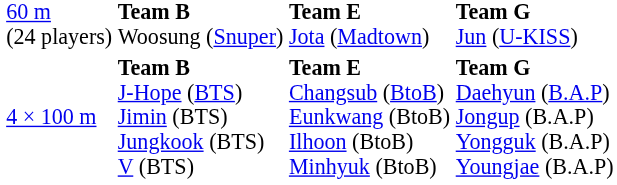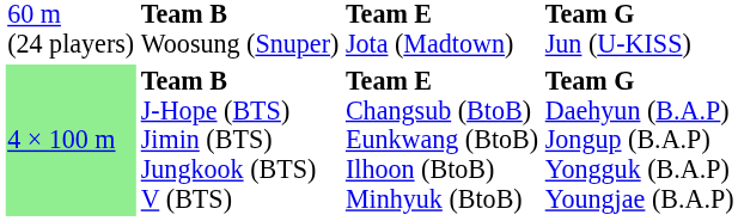 <table>
 <tr>
 <td><a href='#'>60 m</a><br>(24 players)</td>
 <td><strong>Team B</strong><br>Woosung (<a href='#'>Snuper</a>)</td>
 <td><strong>Team E</strong><br><a href='#'>Jota</a> (<a href='#'>Madtown</a>)</td>
 <td><strong>Team G</strong><br><a href='#'>Jun</a> (<a href='#'>U-KISS</a>)</td>
 </tr>
 <tr>
-<td><a href='#'>4 × 100 m</a></td>
+<td style="background: lightgreen;"><a href='#'>4 × 100 m</a></td>
 <td><strong>Team B</strong><br><a href='#'>J-Hope</a> (<a href='#'>BTS</a>)<br><a href='#'>Jimin</a> (BTS)<br><a href='#'>Jungkook</a> (BTS)<br><a href='#'>V</a> (BTS)</td>
 <td><strong>Team E</strong><br><a href='#'>Changsub</a> (<a href='#'>BtoB</a>)<br><a href='#'>Eunkwang</a> (BtoB)<br><a href='#'>Ilhoon</a> (BtoB)<br><a href='#'>Minhyuk</a> (BtoB)</td>
 <td><strong>Team G</strong><br><a href='#'>Daehyun</a> (<a href='#'>B.A.P</a>)<br><a href='#'>Jongup</a> (B.A.P)<br><a href='#'>Yongguk</a> (B.A.P)<br><a href='#'>Youngjae</a> (B.A.P)</td>
 </tr>
 </table>
